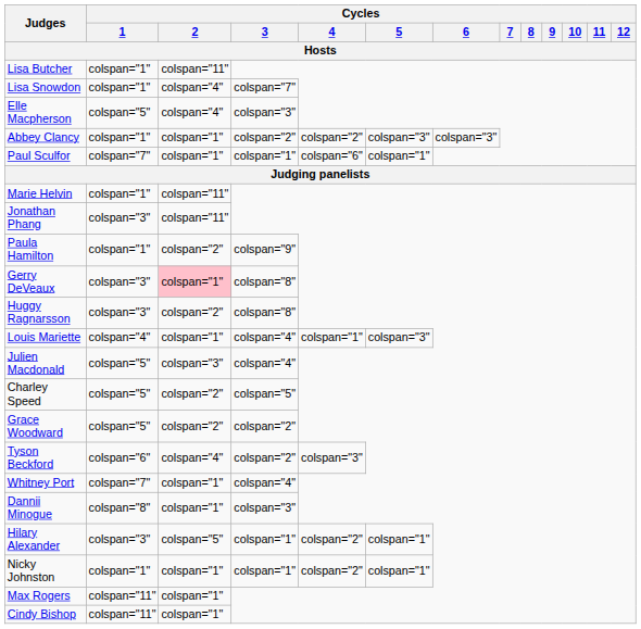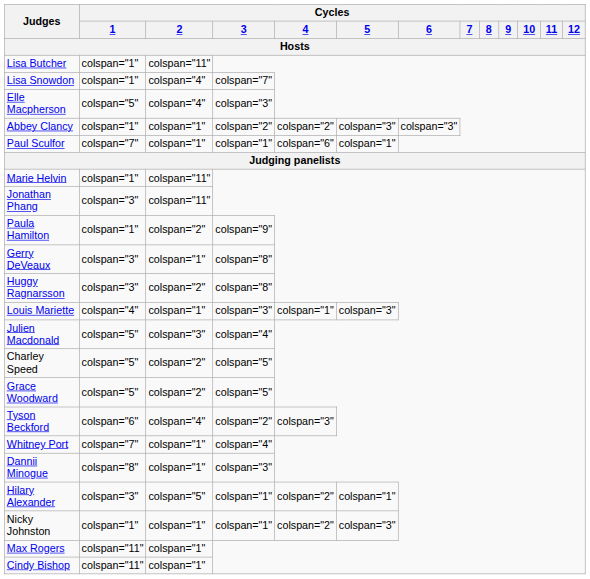 <table class="wikitable">
 <tr>
 <th scope="col" rowspan="2" style="width:15%;">Judges</th>
 <th colspan="12">Cycles</th>
 </tr>
 <tr>
 <th scope="col" style="width:5%"><a href='#'>1</a></th>
 <th scope="col" style="width:5%"><a href='#'>2</a></th>
 <th scope="col" style="width:5%"><a href='#'>3</a></th>
 <th scope="col" style="width:5%"><a href='#'>4</a></th>
 <th scope="col" style="width:5%"><a href='#'>5</a></th>
 <th scope="col" style="width:5%"><a href='#'>6</a></th>
 <th scope="col" style="width:5%"><a href='#'>7</a></th>
 <th scope="col" style="width:5%"><a href='#'>8</a></th>
 <th scope="col" style="width:5%"><a href='#'>9</a></th>
 <th scope="col" style="width:5%"><a href='#'>10</a></th>
 <th scope="col" style="width:5%"><a href='#'>11</a></th>
 <th scope="col" style="width:5%"><a href='#'>12</a></th>
 </tr>
 <tr>
 <th scope="col" colspan="13">Hosts</th>
 </tr>
 <tr>
 <td scope="row"><a href='#'>Lisa Butcher</a></td>
 <td>colspan="1" </td>
 <td>colspan="11" </td>
 </tr>
 <tr>
 <td scope="row"><a href='#'>Lisa Snowdon</a></td>
 <td>colspan="1" </td>
 <td>colspan="4" </td>
 <td>colspan="7" </td>
 </tr>
 <tr>
 <td scope="row"><a href='#'>Elle Macpherson</a></td>
 <td>colspan="5" </td>
 <td>colspan="4" </td>
 <td>colspan="3" </td>
 </tr>
 <tr>
 <td scope="row"><a href='#'>Abbey Clancy</a></td>
 <td>colspan="1" </td>
 <td>colspan="1" </td>
 <td>colspan="2" </td>
 <td>colspan="2" </td>
 <td>colspan="3" </td>
 <td>colspan="3" </td>
 </tr>
 <tr>
 <td scope="row"><a href='#'>Paul Sculfor</a></td>
 <td>colspan="7" </td>
 <td>colspan="1" </td>
 <td>colspan="1" </td>
 <td>colspan="6" </td>
 <td>colspan="1" </td>
 </tr>
 <tr>
 <th scope="col" colspan="13">Judging panelists</th>
 </tr>
 <tr>
 <td scope="row"><a href='#'>Marie Helvin</a></td>
 <td>colspan="1" </td>
 <td>colspan="11" </td>
 </tr>
 <tr>
 <td scope="row"><a href='#'>Jonathan Phang</a></td>
 <td>colspan="3" </td>
 <td>colspan="11" </td>
 </tr>
 <tr>
 <td scope="row"><a href='#'>Paula Hamilton</a></td>
 <td>colspan="1" </td>
 <td>colspan="2" </td>
 <td>colspan="9" </td>
 </tr>
 <tr>
 <td scope="row"><a href='#'>Gerry DeVeaux</a></td>
 <td>colspan="3" </td>
-<td style="background: pink;">colspan="1" </td>
+<td>colspan="1" </td>
 <td>colspan="8" </td>
 </tr>
 <tr>
 <td scope="row"><a href='#'>Huggy Ragnarsson</a></td>
 <td>colspan="3" </td>
 <td>colspan="2" </td>
 <td>colspan="8" </td>
 </tr>
 <tr>
 <td scope="row"><a href='#'>Louis Mariette</a></td>
 <td>colspan="4" </td>
 <td>colspan="1" </td>
-<td>colspan="4" </td>
+<td>colspan="3" </td>
 <td>colspan="1" </td>
 <td>colspan="3" </td>
 </tr>
 <tr>
 <td scope="row"><a href='#'>Julien Macdonald</a></td>
 <td>colspan="5" </td>
 <td>colspan="3" </td>
 <td>colspan="4" </td>
 </tr>
 <tr>
 <td scope="row">Charley Speed</td>
 <td>colspan="5" </td>
 <td>colspan="2" </td>
 <td>colspan="5" </td>
 </tr>
 <tr>
 <td scope="row"><a href='#'>Grace Woodward</a></td>
 <td>colspan="5" </td>
 <td>colspan="2" </td>
-<td>colspan="2" </td>
+<td>colspan="5" </td>
 </tr>
 <tr>
 <td scope="row"><a href='#'>Tyson Beckford</a></td>
 <td>colspan="6" </td>
 <td>colspan="4" </td>
 <td>colspan="2" </td>
 <td>colspan="3" </td>
 </tr>
 <tr>
 <td scope="row"><a href='#'>Whitney Port</a></td>
 <td>colspan="7" </td>
 <td>colspan="1" </td>
 <td>colspan="4" </td>
 </tr>
 <tr>
 <td scope="row"><a href='#'>Dannii Minogue</a></td>
 <td>colspan="8" </td>
 <td>colspan="1" </td>
 <td>colspan="3" </td>
 </tr>
 <tr>
 <td scope="row"><a href='#'>Hilary Alexander</a></td>
 <td>colspan="3" </td>
 <td>colspan="5" </td>
 <td>colspan="1" </td>
 <td>colspan="2" </td>
 <td>colspan="1" </td>
 </tr>
 <tr>
 <td scope="row">Nicky Johnston</td>
 <td>colspan="1" </td>
 <td>colspan="1" </td>
 <td>colspan="1" </td>
 <td>colspan="2" </td>
-<td>colspan="1" </td>
+<td>colspan="3" </td>
 </tr>
 <tr>
 <td scope="row"><a href='#'>Max Rogers</a></td>
 <td>colspan="11" </td>
 <td>colspan="1" </td>
 </tr>
 <tr>
 <td scope="row"><a href='#'>Cindy Bishop</a></td>
 <td>colspan="11" </td>
 <td>colspan="1" </td>
 </tr>
 </table>
